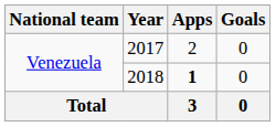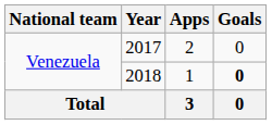 <table class="wikitable" style="text-align:center">
 <tr>
 <th>National team</th>
 <th>Year</th>
 <th>Apps</th>
 <th>Goals</th>
 </tr>
 <tr>
 <td rowspan="2"><a href='#'>Venezuela</a></td>
 <td>2017</td>
 <td>2</td>
 <td>0</td>
 </tr>
 <tr>
 <td>2018</td>
-<td><strong>1</strong></td>
-<td>0</td>
+<td>1</td>
+<td><strong>0</strong></td>
 </tr>
 <tr>
 <th colspan=2>Total</th>
 <th>3</th>
 <th>0</th>
 </tr>
 </table>
